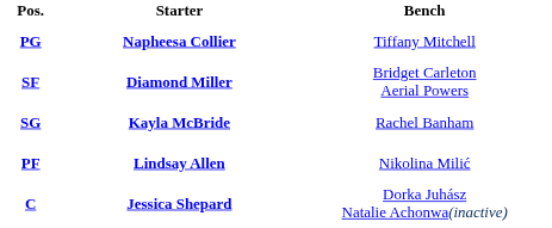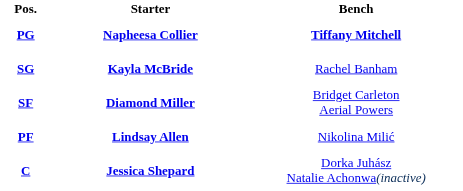 <table style="text-align:center; ">
 <tr>
 <th width="50">Pos.</th>
 <th width="250">Starter</th>
 <th width="250">Bench</th>
 </tr>
 <tr style="height:40px; background:white; color:#092C57">
 <th><a href='#'><span>PG</span></a></th>
 <td><strong><a href='#'>Napheesa Collier</a></strong></td>
-<td><a href='#'>Tiffany Mitchell</a></td>
+<td><strong><a href='#'>Tiffany Mitchell</a></strong></td>
+</tr>
+<tr style="height:40px; background:white; color:#092C57">
+<th><a href='#'><span>SG</span></a></th>
+<td><strong><a href='#'>Kayla McBride</a></strong></td>
+<td><a href='#'>Rachel Banham</a></td>
 </tr>
 <tr style="height:40px; background:white; color:#092C57">
 <th><a href='#'><span>SF</span></a></th>
 <td><strong><a href='#'>Diamond Miller</a></strong></td>
 <td><a href='#'>Bridget Carleton</a><br><a href='#'>Aerial Powers</a></td>
-</tr>
-<tr style="height:40px; background:white; color:#092C57">
-<th><a href='#'><span>SG</span></a></th>
-<td><strong><a href='#'>Kayla McBride</a></strong></td>
-<td><a href='#'>Rachel Banham</a></td>
 </tr>
 <tr style="height:40px; background:white; color:#092C57">
 <th><a href='#'><span>PF</span></a></th>
 <td><strong><a href='#'>Lindsay Allen</a></strong></td>
 <td><a href='#'>Nikolina Milić</a></td>
 </tr>
 <tr style="height:40px; background:white; color:#092C57">
 <th><a href='#'><span>C</span></a></th>
 <td><strong><a href='#'>Jessica Shepard</a></strong></td>
 <td><a href='#'>Dorka Juhász</a><br><a href='#'>Natalie Achonwa</a><em>(inactive)</em></td>
 </tr>
 </table>
